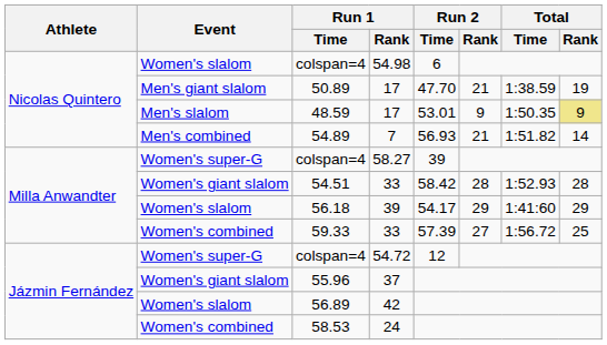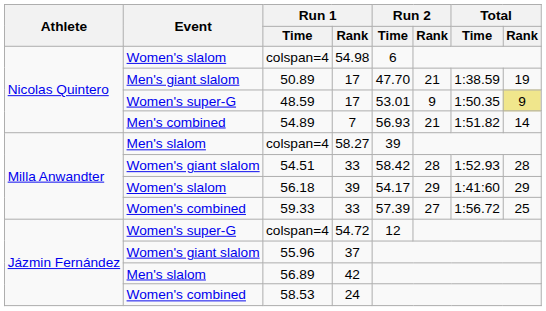 <table class="wikitable" style="font-size:90%">
 <tr>
 <th rowspan=2>Athlete</th>
 <th rowspan=2>Event</th>
 <th colspan=2>Run 1</th>
 <th colspan=2>Run 2</th>
 <th colspan=2>Total</th>
 </tr>
 <tr style="font-size:95%">
 <th>Time</th>
 <th>Rank</th>
 <th>Time</th>
 <th>Rank</th>
 <th>Time</th>
 <th>Rank</th>
 </tr>
 <tr align=center>
 <td align="left" rowspan="4"><a href='#'>Nicolas Quintero</a></td>
 <td align="left"><a href='#'>Women's slalom</a></td>
 <td>colspan=4</td>
 <td>54.98</td>
 <td>6</td>
 </tr>
 <tr align=center>
 <td align="left"><a href='#'>Men's giant slalom</a></td>
 <td>50.89</td>
 <td>17</td>
 <td>47.70</td>
 <td>21</td>
 <td>1:38.59</td>
 <td>19</td>
 </tr>
 <tr align=center>
-<td align="left"><a href='#'>Men's slalom</a></td>
+<td align="left"><a href='#'>Women's super-G</a></td>
 <td>48.59</td>
 <td>17</td>
 <td>53.01</td>
 <td>9</td>
 <td>1:50.35</td>
 <td style="background: khaki;">9</td>
 </tr>
 <tr align=center>
 <td align="left"><a href='#'>Men's combined</a></td>
 <td>54.89</td>
 <td>7</td>
 <td>56.93</td>
 <td>21</td>
 <td>1:51.82</td>
 <td>14</td>
 </tr>
 <tr align=center>
 <td align="left" rowspan="4"><a href='#'>Milla Anwandter</a></td>
-<td align="left"><a href='#'>Women's super-G</a></td>
+<td align="left"><a href='#'>Men's slalom</a></td>
 <td>colspan=4</td>
 <td>58.27</td>
 <td>39</td>
 </tr>
 <tr align=center>
 <td align="left"><a href='#'>Women's giant slalom</a></td>
 <td>54.51</td>
 <td>33</td>
 <td>58.42</td>
 <td>28</td>
 <td>1:52.93</td>
 <td>28</td>
 </tr>
 <tr align=center>
 <td align="left"><a href='#'>Women's slalom</a></td>
 <td>56.18</td>
 <td>39</td>
 <td>54.17</td>
 <td>29</td>
 <td>1:41:60</td>
 <td>29</td>
 </tr>
 <tr align=center>
 <td align="left"><a href='#'>Women's combined</a></td>
 <td>59.33</td>
 <td>33</td>
 <td>57.39</td>
 <td>27</td>
 <td>1:56.72</td>
 <td>25</td>
 </tr>
 <tr align=center>
 <td align="left" rowspan="4"><a href='#'>Jázmin Fernández</a></td>
 <td align="left"><a href='#'>Women's super-G</a></td>
 <td>colspan=4</td>
 <td>54.72</td>
 <td>12</td>
 </tr>
 <tr align=center>
 <td align="left"><a href='#'>Women's giant slalom</a></td>
 <td>55.96</td>
 <td>37</td>
 <td colspan="4"></td>
 </tr>
 <tr align=center>
-<td align="left"><a href='#'>Women's slalom</a></td>
+<td align="left"><a href='#'>Men's slalom</a></td>
 <td>56.89</td>
 <td>42</td>
 <td colspan="4"></td>
 </tr>
 <tr align=center>
 <td align="left"><a href='#'>Women's combined</a></td>
 <td>58.53</td>
 <td>24</td>
 <td colspan=4></td>
 </tr>
 </table>
